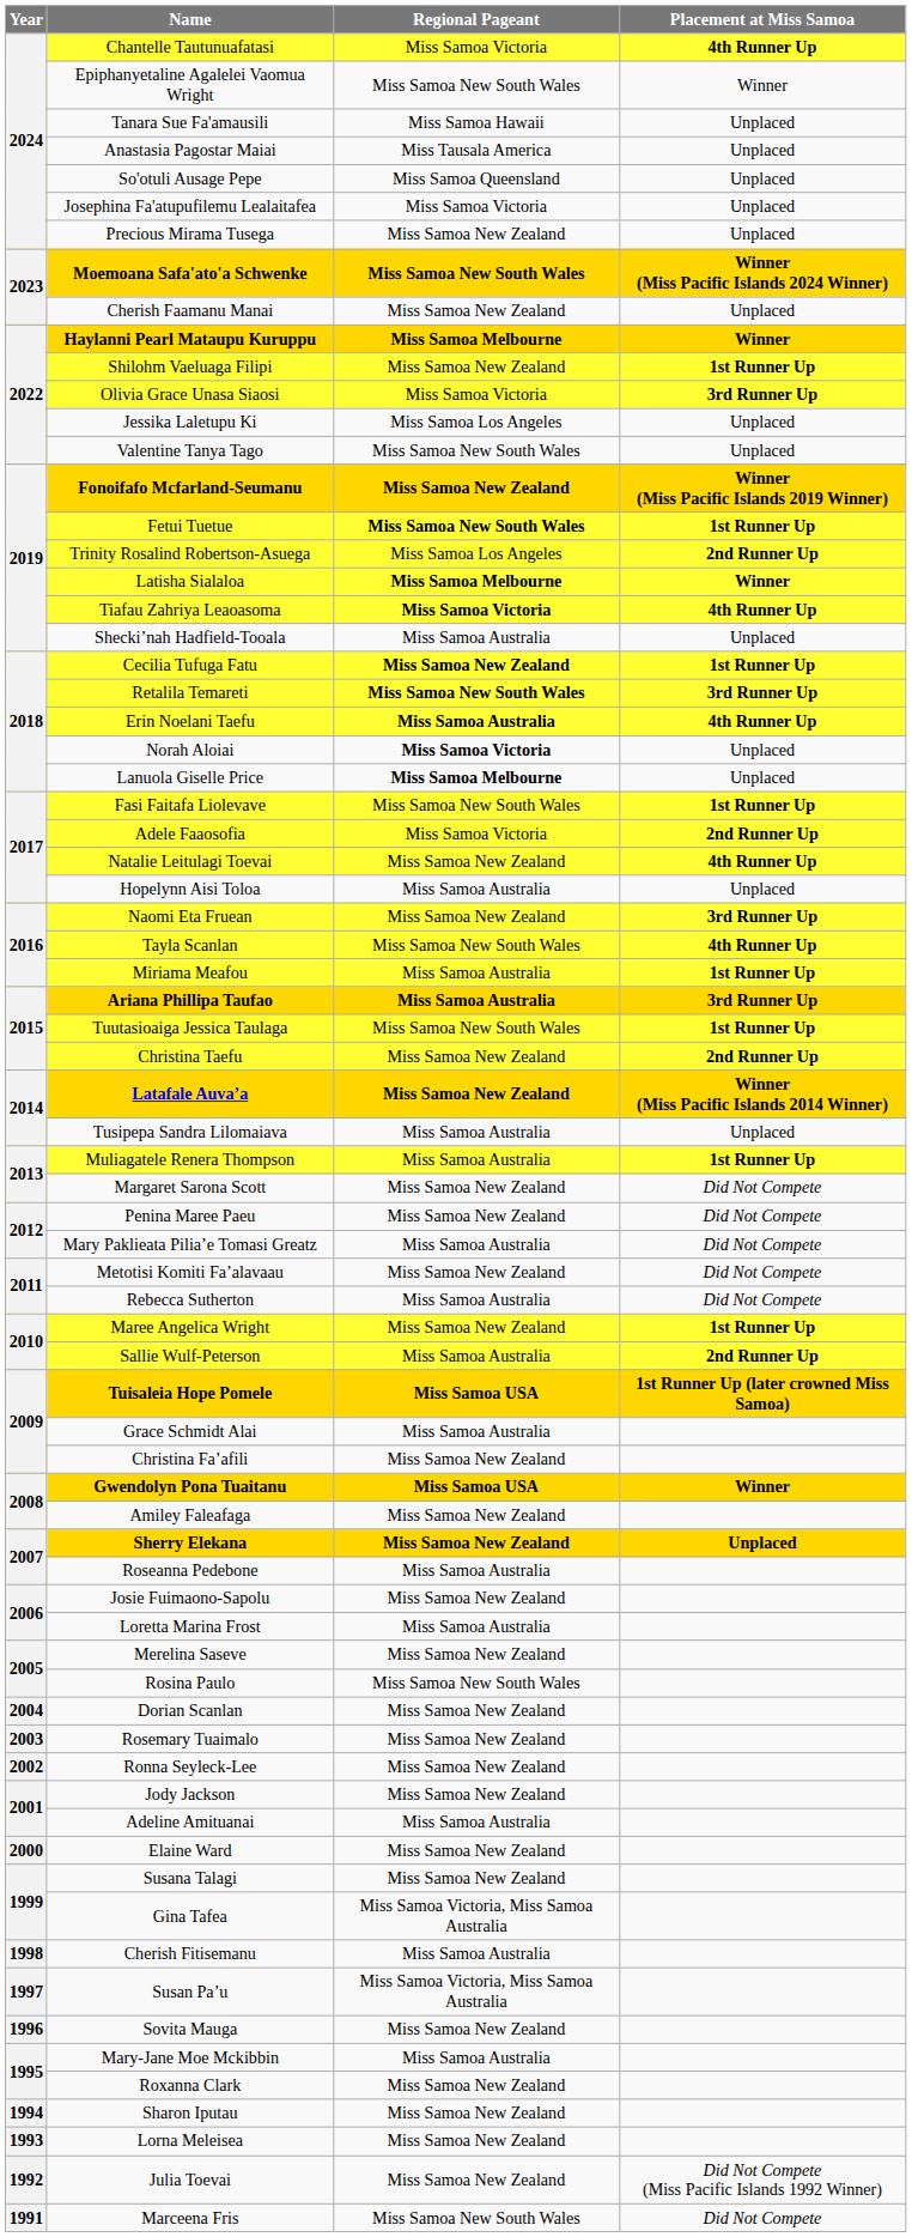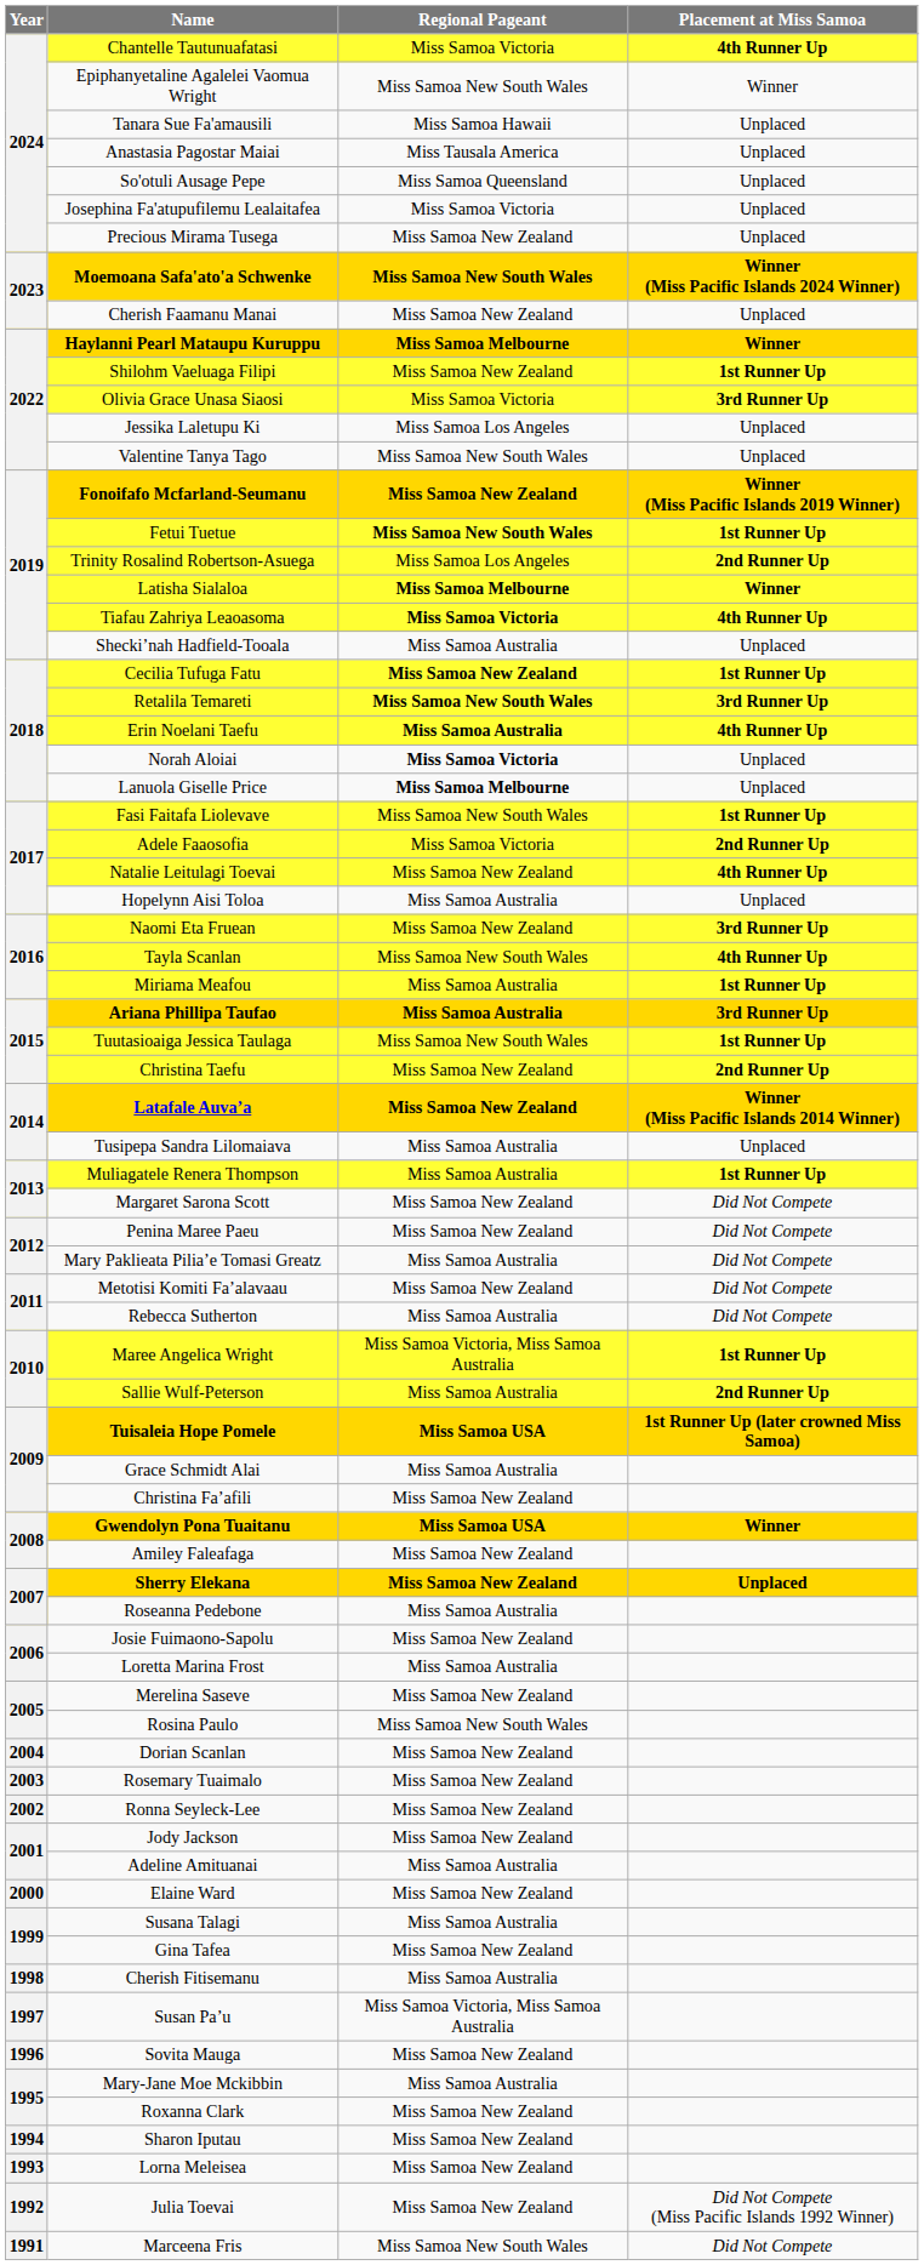 <table class="wikitable sortable" style="font-size: 95%; text-align:center">
 <tr>
 <th width="30" style="background-color:#787878;color:#FFFFFF;">Year</th>
 <th width="250" style="background-color:#787878;color:#FFFFFF;">Name</th>
 <th width="250" style="background-color:#787878;color:#FFFFFF;">Regional Pageant</th>
 <th width="250" style="background-color:#787878;color:#FFFFFF;">Placement at Miss Samoa</th>
 </tr>
 <tr>
 </tr>
 <tr style="background-color:#FFFF33; : bold">
 <th rowspan="7">2024</th>
 <td>Chantelle Tautunuafatasi</td>
 <td>Miss Samoa Victoria</td>
 <td><strong>4th Runner Up</strong></td>
 </tr>
 <tr>
 <td>Epiphanyetaline Agalelei Vaomua Wright</td>
 <td>Miss Samoa New South Wales</td>
 <td>Winner</td>
 </tr>
 <tr>
 <td>Tanara Sue Fa'amausili</td>
 <td>Miss Samoa Hawaii</td>
 <td>Unplaced</td>
 </tr>
 <tr>
 <td>Anastasia Pagostar Maiai</td>
 <td>Miss Tausala America</td>
 <td>Unplaced</td>
 </tr>
 <tr>
 <td>So'otuli Ausage Pepe</td>
 <td>Miss Samoa Queensland</td>
 <td>Unplaced</td>
 </tr>
 <tr>
 <td>Josephina Fa'atupufilemu Lealaitafea</td>
 <td>Miss Samoa Victoria</td>
 <td>Unplaced</td>
 </tr>
 <tr>
 <td>Precious Mirama Tusega</td>
 <td>Miss Samoa New Zealand</td>
 <td>Unplaced</td>
 </tr>
 <tr style="background-color:gold; font-weight: bold">
 <th rowspan="2">2023</th>
 <td>Moemoana Safa'ato'a Schwenke</td>
 <td>Miss Samoa New South Wales</td>
 <td>Winner<br>(Miss Pacific Islands 2024 Winner)</td>
 </tr>
 <tr>
 <td>Cherish Faamanu Manai</td>
 <td>Miss Samoa New Zealand</td>
 <td>Unplaced</td>
 </tr>
 <tr style="background-color:gold; font-weight: bold">
 <th rowspan="5">2022</th>
 <td>Haylanni Pearl Mataupu Kuruppu</td>
 <td><strong>Miss Samoa Melbourne</strong></td>
 <td>Winner</td>
 </tr>
 <tr style="background-color:#FFFF33; : bold">
 <td>Shilohm Vaeluaga Filipi</td>
 <td>Miss Samoa New Zealand</td>
 <td><strong>1st Runner Up</strong></td>
 </tr>
 <tr style="background-color:#FFFF33; : bold">
 <td>Olivia Grace Unasa Siaosi</td>
 <td>Miss Samoa Victoria</td>
 <td><strong>3rd Runner Up</strong></td>
 </tr>
 <tr>
 <td>Jessika Laletupu Ki</td>
 <td>Miss Samoa Los Angeles</td>
 <td>Unplaced</td>
 </tr>
 <tr>
 <td>Valentine Tanya Tago</td>
 <td>Miss Samoa New South Wales</td>
 <td>Unplaced</td>
 </tr>
 <tr style="background-color:gold; font-weight: bold">
 <th rowspan="6">2019</th>
 <td>Fonoifafo Mcfarland-Seumanu</td>
 <td><strong>Miss Samoa New Zealand</strong></td>
 <td>Winner<br>(Miss Pacific Islands 2019 Winner)</td>
 </tr>
 <tr style="background-color:#FFFF33; : bold">
 <td>Fetui Tuetue</td>
 <td><strong>Miss Samoa New South Wales</strong></td>
 <td><strong>1st Runner Up</strong></td>
 </tr>
 <tr style="background-color:#FFFF33; : bold">
 <td>Trinity Rosalind Robertson-Asuega</td>
 <td>Miss Samoa Los Angeles</td>
 <td><strong>2nd Runner Up</strong></td>
 </tr>
 <tr style="background-color:#FFFF33; : bold">
 <td>Latisha Sialaloa</td>
 <td><strong>Miss Samoa Melbourne</strong></td>
 <td><strong>Winner</strong></td>
 </tr>
 <tr style="background-color:#FFFF33; : bold">
 <td>Tiafau Zahriya Leaoasoma</td>
 <td><strong>Miss Samoa Victoria</strong></td>
 <td><strong>4th Runner Up</strong></td>
 </tr>
 <tr>
 <td>Shecki’nah Hadfield-Tooala</td>
 <td>Miss Samoa Australia</td>
 <td>Unplaced</td>
 </tr>
 <tr style="background-color:#FFFF33; : bold">
 <th rowspan="5">2018</th>
 <td>Cecilia Tufuga Fatu</td>
 <td><strong>Miss Samoa New Zealand</strong></td>
 <td><strong>1st Runner Up</strong></td>
 </tr>
 <tr style="background-color:#FFFF33; : bold">
 <td>Retalila Temareti</td>
 <td><strong>Miss Samoa New South Wales</strong></td>
 <td><strong>3rd Runner Up</strong></td>
 </tr>
 <tr style="background-color:#FFFF33; : bold">
 <td>Erin Noelani Taefu</td>
 <td><strong>Miss Samoa Australia</strong></td>
 <td><strong>4th Runner Up</strong></td>
 </tr>
 <tr>
 <td>Norah Aloiai</td>
 <td><strong>Miss Samoa Victoria</strong></td>
 <td>Unplaced</td>
 </tr>
 <tr>
 <td>Lanuola Giselle Price</td>
 <td><strong>Miss Samoa Melbourne </strong></td>
 <td>Unplaced</td>
 </tr>
 <tr style="background-color:#FFFF33; : bold">
 <th rowspan="4">2017</th>
 <td>Fasi Faitafa Liolevave</td>
 <td>Miss Samoa New South Wales</td>
 <td><strong>1st Runner Up</strong></td>
 </tr>
 <tr style="background-color:#FFFF33; : bold">
 <td>Adele Faaosofia</td>
 <td>Miss Samoa Victoria</td>
 <td><strong>2nd Runner Up</strong></td>
 </tr>
 <tr style="background-color:#FFFF33; : bold">
 <td>Natalie Leitulagi Toevai</td>
 <td>Miss Samoa New Zealand</td>
 <td><strong>4th Runner Up</strong></td>
 </tr>
 <tr>
 <td>Hopelynn Aisi Toloa</td>
 <td>Miss Samoa Australia</td>
 <td>Unplaced</td>
 </tr>
 <tr style="background-color:#FFFF33; : bold">
 <th rowspan="3">2016</th>
 <td>Naomi Eta Fruean</td>
 <td>Miss Samoa New Zealand</td>
 <td><strong>3rd Runner Up</strong></td>
 </tr>
 <tr style="background-color:#FFFF33; : bold">
 <td>Tayla Scanlan</td>
 <td>Miss Samoa New South Wales</td>
 <td><strong>4th Runner Up</strong></td>
 </tr>
 <tr style="background-color:#FFFF33; : bold">
 <td>Miriama Meafou</td>
 <td>Miss Samoa Australia</td>
 <td><strong>1st Runner Up</strong></td>
 </tr>
 <tr style="background-color:gold; font-weight: bold">
 <th rowspan="3">2015</th>
 <td>Ariana Phillipa Taufao</td>
 <td><strong>Miss Samoa Australia</strong></td>
 <td><strong>3rd Runner Up</strong></td>
 </tr>
 <tr style="background-color:#FFFF33; : bold">
 <td>Tuutasioaiga Jessica Taulaga</td>
 <td>Miss Samoa New South Wales</td>
 <td><strong>1st Runner Up</strong></td>
 </tr>
 <tr style="background-color:#FFFF33; : bold">
 <td>Christina Taefu</td>
 <td>Miss Samoa New Zealand</td>
 <td><strong>2nd Runner Up</strong></td>
 </tr>
 <tr style="background-color:gold; font-weight: bold">
 <th rowspan="2">2014</th>
 <td><a href='#'>Latafale Auva’a</a></td>
 <td><strong>Miss Samoa New Zealand</strong></td>
 <td>Winner<br>(Miss Pacific Islands 2014 Winner)</td>
 </tr>
 <tr>
 <td>Tusipepa Sandra Lilomaiava</td>
 <td>Miss Samoa Australia</td>
 <td>Unplaced</td>
 </tr>
 <tr style="background-color:#FFFF33; : bold">
 <th rowspan="2">2013</th>
 <td>Muliagatele Renera Thompson</td>
 <td>Miss Samoa Australia</td>
 <td><strong>1st Runner Up</strong></td>
 </tr>
 <tr>
 <td>Margaret Sarona Scott</td>
 <td>Miss Samoa New Zealand</td>
 <td><em>Did Not Compete</em></td>
 </tr>
 <tr>
 <th rowspan="2">2012</th>
 <td>Penina Maree Paeu</td>
 <td>Miss Samoa New Zealand</td>
 <td><em>Did Not Compete</em></td>
 </tr>
 <tr>
 <td>Mary Paklieata Pilia’e Tomasi Greatz</td>
 <td>Miss Samoa Australia</td>
 <td><em>Did Not Compete</em></td>
 </tr>
 <tr>
 <th rowspan="2">2011</th>
 <td>Metotisi Komiti Fa’alavaau</td>
 <td>Miss Samoa New Zealand</td>
 <td><em>Did Not Compete</em></td>
 </tr>
 <tr>
 <td>Rebecca Sutherton</td>
 <td>Miss Samoa Australia</td>
 <td><em>Did Not Compete</em></td>
 </tr>
 <tr style="background-color:#FFFF33; : bold">
 <th rowspan="2">2010</th>
 <td>Maree Angelica Wright</td>
-<td>Miss Samoa New Zealand</td>
+<td>Miss Samoa Victoria, Miss Samoa Australia</td>
 <td><strong>1st Runner Up</strong></td>
 </tr>
 <tr style="background-color:#FFFF33; : bold">
 <td>Sallie Wulf-Peterson</td>
 <td>Miss Samoa Australia</td>
 <td><strong>2nd Runner Up</strong></td>
 </tr>
 <tr style="background-color:gold; font-weight: bold">
 <th rowspan="3">2009</th>
 <td>Tuisaleia Hope Pomele</td>
 <td><strong>Miss Samoa USA</strong></td>
 <td>1st Runner Up (later crowned Miss Samoa)</td>
 </tr>
 <tr>
 <td>Grace Schmidt Alai</td>
 <td>Miss Samoa Australia</td>
 <td></td>
 </tr>
 <tr>
 <td>Christina Fa’afili</td>
 <td>Miss Samoa New Zealand</td>
 <td></td>
 </tr>
 <tr style="background-color:gold; font-weight: bold">
 <th rowspan="2">2008</th>
 <td>Gwendolyn Pona Tuaitanu</td>
 <td><strong>Miss Samoa USA</strong></td>
 <td>Winner</td>
 </tr>
 <tr>
 <td>Amiley Faleafaga</td>
 <td>Miss Samoa New Zealand</td>
 <td></td>
 </tr>
 <tr style="background-color:gold; font-weight: bold">
 <th rowspan="2">2007</th>
 <td>Sherry Elekana</td>
 <td><strong>Miss Samoa New Zealand</strong></td>
 <td>Unplaced</td>
 </tr>
 <tr>
 <td>Roseanna Pedebone</td>
 <td>Miss Samoa Australia</td>
 <td></td>
 </tr>
 <tr>
 <th rowspan="2">2006</th>
 <td>Josie Fuimaono-Sapolu</td>
 <td>Miss Samoa New Zealand</td>
 <td></td>
 </tr>
 <tr>
 <td>Loretta Marina Frost</td>
 <td>Miss Samoa Australia</td>
 <td></td>
 </tr>
 <tr>
 <th rowspan="2">2005</th>
 <td>Merelina Saseve</td>
 <td>Miss Samoa New Zealand</td>
 <td></td>
 </tr>
 <tr>
 <td>Rosina Paulo</td>
 <td>Miss Samoa New South Wales</td>
 <td></td>
 </tr>
 <tr>
 <th>2004</th>
 <td>Dorian Scanlan</td>
 <td>Miss Samoa New Zealand</td>
 <td></td>
 </tr>
 <tr>
 <th>2003</th>
 <td>Rosemary Tuaimalo</td>
 <td>Miss Samoa New Zealand</td>
 <td></td>
 </tr>
 <tr>
 <th>2002</th>
 <td>Ronna Seyleck-Lee</td>
 <td>Miss Samoa New Zealand</td>
 <td></td>
 </tr>
 <tr>
 <th rowspan="2">2001</th>
 <td>Jody Jackson</td>
 <td>Miss Samoa New Zealand</td>
 <td></td>
 </tr>
 <tr>
 <td>Adeline Amituanai</td>
 <td>Miss Samoa Australia</td>
 <td></td>
 </tr>
 <tr>
 <th>2000</th>
 <td>Elaine Ward</td>
 <td>Miss Samoa New Zealand</td>
 <td></td>
 </tr>
 <tr>
 <th rowspan="2">1999</th>
 <td>Susana Talagi</td>
-<td>Miss Samoa New Zealand</td>
+<td>Miss Samoa Australia</td>
 <td></td>
 </tr>
 <tr>
 <td>Gina Tafea</td>
-<td>Miss Samoa Victoria, Miss Samoa Australia</td>
+<td>Miss Samoa New Zealand</td>
 <td></td>
 </tr>
 <tr>
 <th>1998</th>
 <td>Cherish Fitisemanu</td>
 <td>Miss Samoa Australia</td>
 <td></td>
 </tr>
 <tr>
 <th>1997</th>
 <td>Susan Pa’u</td>
 <td>Miss Samoa Victoria, Miss Samoa Australia</td>
 <td></td>
 </tr>
 <tr>
 <th>1996</th>
 <td>Sovita Mauga</td>
 <td>Miss Samoa New Zealand</td>
 <td></td>
 </tr>
 <tr>
 <th rowspan="2">1995</th>
 <td>Mary-Jane Moe Mckibbin</td>
 <td>Miss Samoa Australia</td>
 <td></td>
 </tr>
 <tr>
 <td>Roxanna Clark</td>
 <td>Miss Samoa New Zealand</td>
 <td></td>
 </tr>
 <tr>
 <th>1994</th>
 <td>Sharon Iputau</td>
 <td>Miss Samoa New Zealand</td>
 <td></td>
 </tr>
 <tr>
 <th>1993</th>
 <td>Lorna Meleisea</td>
 <td>Miss Samoa New Zealand</td>
 <td></td>
 </tr>
 <tr>
 <th>1992</th>
 <td>Julia Toevai</td>
 <td>Miss Samoa New Zealand</td>
 <td><em>Did Not Compete</em><br>(Miss Pacific Islands 1992 Winner)</td>
 </tr>
 <tr>
 <th>1991</th>
 <td>Marceena Fris</td>
 <td>Miss Samoa New South Wales</td>
 <td><em>Did Not Compete</em></td>
 </tr>
 </table>
